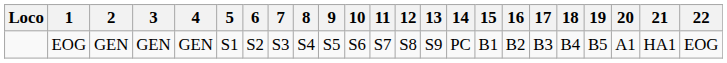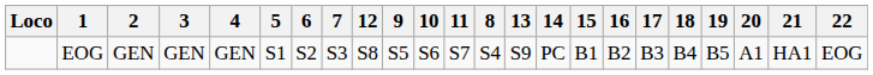 <table class="wikitable plainrowheaders unsortable" style="text-align:center:">
 <tr>
 <th>Loco</th>
 <th>1</th>
 <th>2</th>
 <th>3</th>
 <th>4</th>
 <th>5</th>
 <th>6</th>
 <th>7</th>
-<th>8</th>
+<th>12</th>
 <th>9</th>
 <th>10</th>
 <th>11</th>
-<th>12</th>
+<th>8</th>
 <th>13</th>
 <th>14</th>
 <th>15</th>
 <th>16</th>
 <th>17</th>
 <th>18</th>
 <th>19</th>
 <th>20</th>
 <th>21</th>
 <th>22</th>
 </tr>
 <tr>
 <td></td>
 <td>EOG</td>
 <td>GEN</td>
 <td>GEN</td>
 <td>GEN</td>
 <td>S1</td>
 <td>S2</td>
 <td>S3</td>
-<td>S4</td>
+<td>S8</td>
 <td>S5</td>
 <td>S6</td>
 <td>S7</td>
-<td>S8</td>
+<td>S4</td>
 <td>S9</td>
 <td>PC</td>
 <td>B1</td>
 <td>B2</td>
 <td>B3</td>
 <td>B4</td>
 <td>B5</td>
 <td>A1</td>
 <td>HA1</td>
 <td>EOG</td>
 </tr>
 </table>
